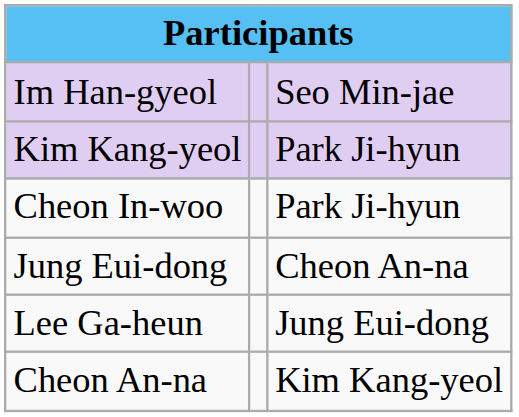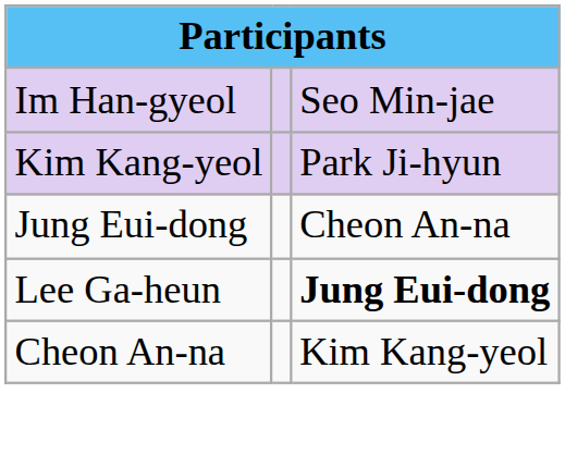 <table class="wikitable sortable" style="line-color:none">
 <tr style="background:#56c0f5; font-weight:bold; text-align:center">
 <td colspan="3">Participants</td>
 </tr>
 <tr style="background:#E0CEF2;">
 <td>Im Han-gyeol</td>
 <td></td>
 <td>Seo Min-jae</td>
 </tr>
 <tr style="background:#E0CEF2;">
 <td>Kim Kang-yeol</td>
 <td></td>
 <td>Park Ji-hyun</td>
 </tr>
 <tr>
-<td>Cheon In-woo</td>
-<td></td>
-<td>Park Ji-hyun</td>
-</tr>
-<tr>
 <td>Jung Eui-dong</td>
 <td></td>
 <td>Cheon An-na</td>
 </tr>
 <tr>
 <td>Lee Ga-heun</td>
 <td></td>
-<td>Jung Eui-dong</td>
+<td><strong>Jung Eui-dong</strong></td>
 </tr>
 <tr>
 <td>Cheon An-na</td>
 <td></td>
 <td>Kim Kang-yeol</td>
 </tr>
 </table>
